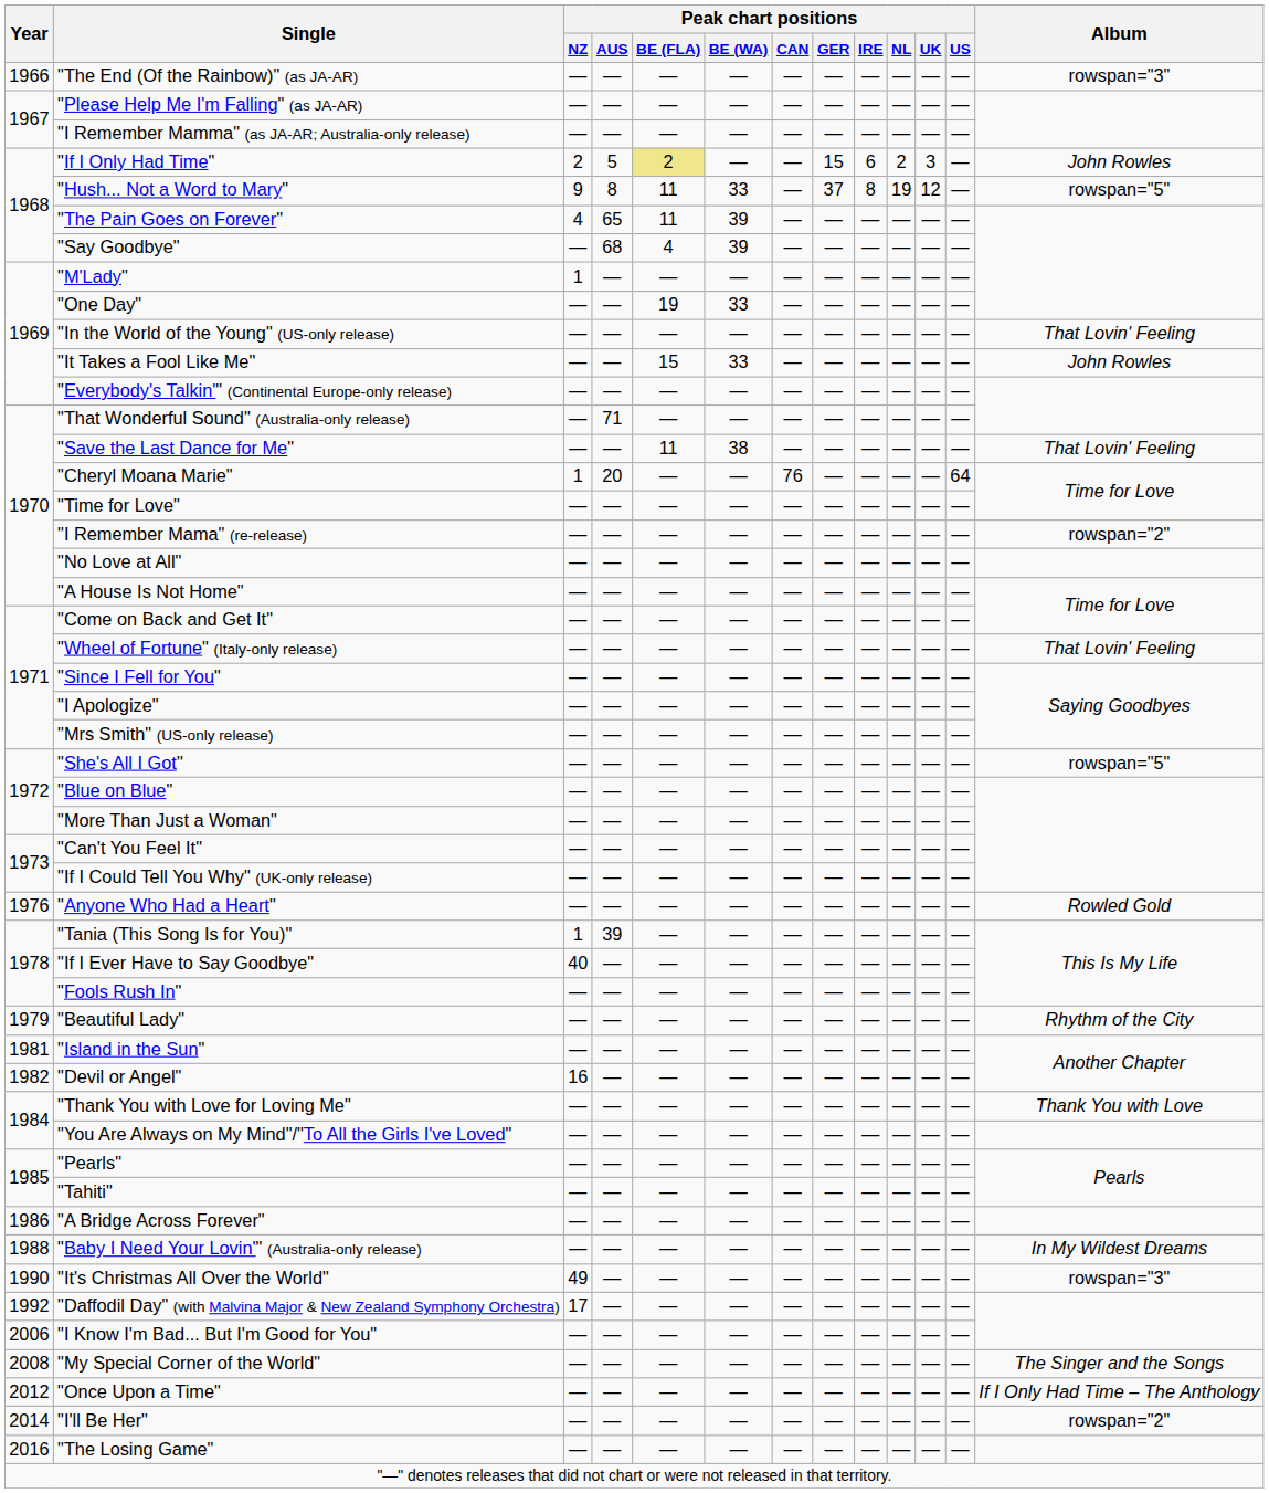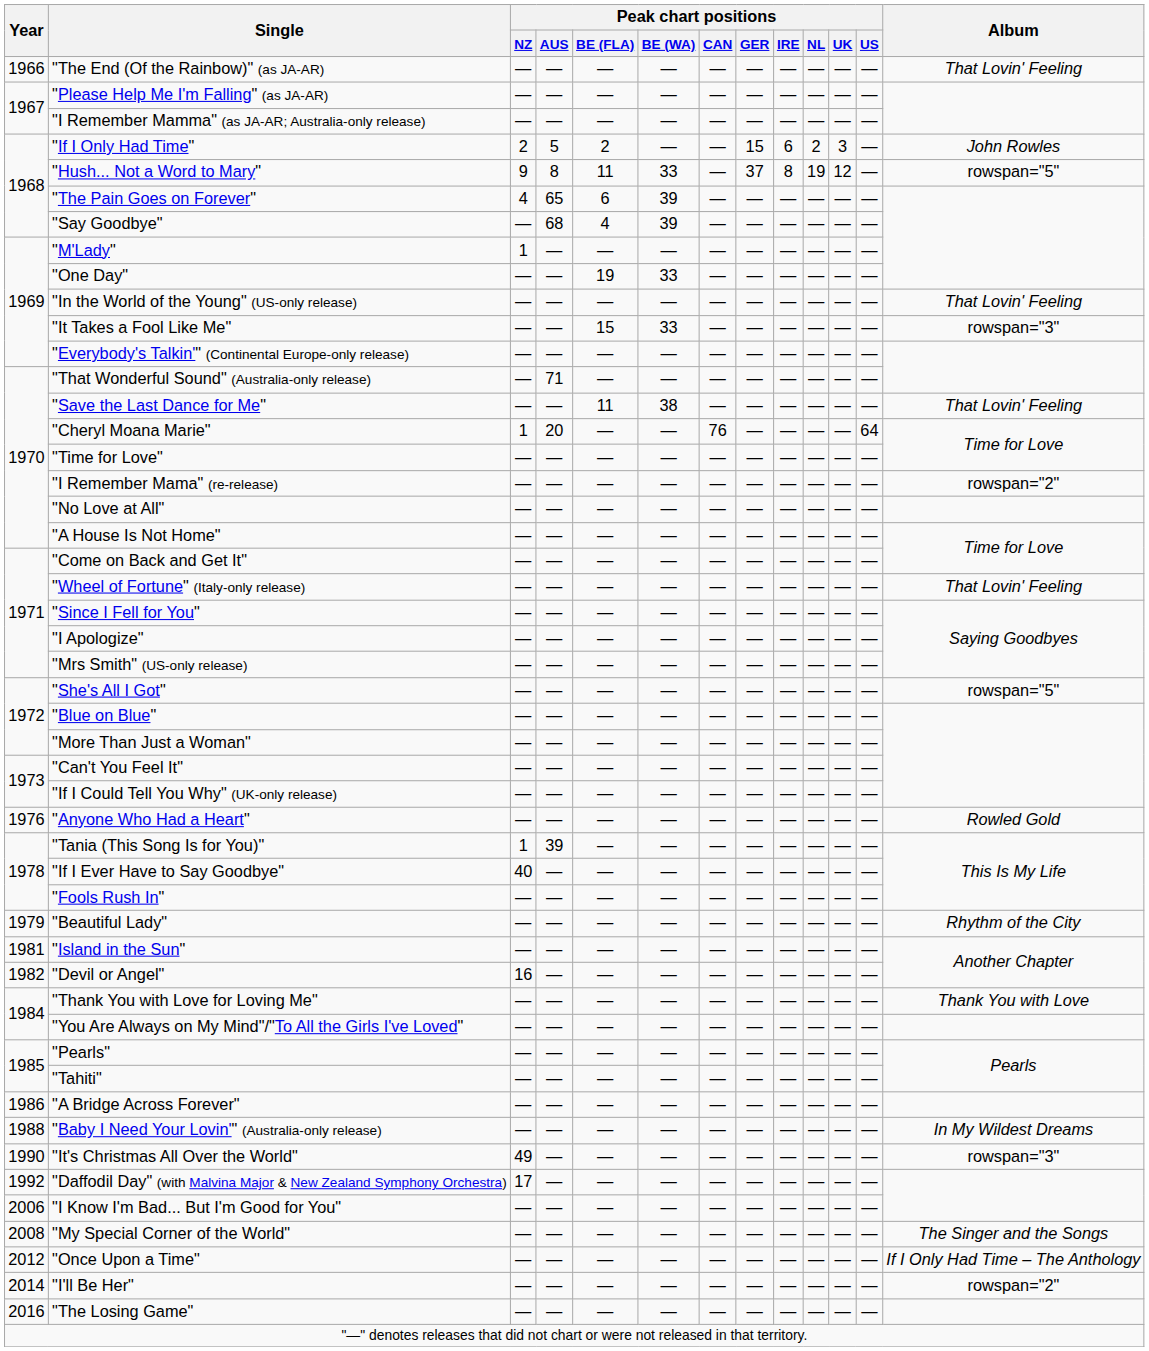 <table class="wikitable" style="text-align:center">
 <tr>
 <th rowspan="2">Year</th>
 <th rowspan="2">Single</th>
 <th colspan="10">Peak chart positions</th>
 <th rowspan="2">Album</th>
 </tr>
 <tr>
 <th><small><a href='#'>NZ</a></small><br></th>
 <th><small><a href='#'>AUS</a></small><br></th>
 <th><small><a href='#'>BE (FLA)</a></small><br></th>
 <th><small><a href='#'>BE (WA)</a></small><br></th>
 <th><small><a href='#'>CAN</a></small><br></th>
 <th><small><a href='#'>GER</a></small><br></th>
 <th><small><a href='#'>IRE</a></small><br></th>
 <th><small><a href='#'>NL</a></small><br></th>
 <th><small><a href='#'>UK</a></small><br></th>
 <th><small><a href='#'>US</a></small><br></th>
 </tr>
 <tr>
 <td>1966</td>
 <td align="left">"The End (Of the Rainbow)" <small>(as JA-AR)</small></td>
 <td>—</td>
 <td>—</td>
 <td>—</td>
 <td>—</td>
 <td>—</td>
 <td>—</td>
 <td>—</td>
 <td>—</td>
 <td>—</td>
 <td>—</td>
-<td>rowspan="3" </td>
+<td><em>That Lovin' Feeling</em></td>
 </tr>
 <tr>
 <td rowspan="2">1967</td>
 <td align="left">"<a href='#'>Please Help Me I'm Falling</a>" <small>(as JA-AR)</small></td>
 <td>—</td>
 <td>—</td>
 <td>—</td>
 <td>—</td>
 <td>—</td>
 <td>—</td>
 <td>—</td>
 <td>—</td>
 <td>—</td>
 <td>—</td>
 </tr>
 <tr>
 <td align="left">"I Remember Mamma" <small>(as JA-AR; Australia-only release)</small></td>
 <td>—</td>
 <td>—</td>
 <td>—</td>
 <td>—</td>
 <td>—</td>
 <td>—</td>
 <td>—</td>
 <td>—</td>
 <td>—</td>
 <td>—</td>
 </tr>
 <tr>
 <td rowspan="4">1968</td>
 <td align="left">"<a href='#'>If I Only Had Time</a>"</td>
 <td>2</td>
 <td>5</td>
-<td style="background: khaki;">2</td>
+<td>2</td>
 <td>—</td>
 <td>—</td>
 <td>15</td>
 <td>6</td>
 <td>2</td>
 <td>3</td>
 <td>—</td>
 <td><em>John Rowles</em></td>
 </tr>
 <tr>
 <td align="left">"<a href='#'>Hush... Not a Word to Mary</a>"</td>
 <td>9</td>
 <td>8</td>
 <td>11</td>
 <td>33</td>
 <td>—</td>
 <td>37</td>
 <td>8</td>
 <td>19</td>
 <td>12</td>
 <td>—</td>
 <td>rowspan="5" </td>
 </tr>
 <tr>
 <td align="left">"<a href='#'>The Pain Goes on Forever</a>"</td>
 <td>4</td>
 <td>65</td>
-<td>11</td>
+<td>6</td>
 <td>39</td>
 <td>—</td>
 <td>—</td>
 <td>—</td>
 <td>—</td>
 <td>—</td>
 <td>—</td>
 </tr>
 <tr>
 <td align="left">"Say Goodbye"</td>
 <td>—</td>
 <td>68</td>
 <td>4</td>
 <td>39</td>
 <td>—</td>
 <td>—</td>
 <td>—</td>
 <td>—</td>
 <td>—</td>
 <td>—</td>
 </tr>
 <tr>
 <td rowspan="5">1969</td>
 <td align="left">"<a href='#'>M'Lady</a>" </td>
 <td>1</td>
 <td>—</td>
 <td>—</td>
 <td>—</td>
 <td>—</td>
 <td>—</td>
 <td>—</td>
 <td>—</td>
 <td>—</td>
 <td>—</td>
 </tr>
 <tr>
 <td align="left">"One Day"</td>
 <td>—</td>
 <td>—</td>
 <td>19</td>
 <td>33</td>
 <td>—</td>
 <td>—</td>
 <td>—</td>
 <td>—</td>
 <td>—</td>
 <td>—</td>
 </tr>
 <tr>
 <td align="left">"In the World of the Young" <small>(US-only release)</small></td>
 <td>—</td>
 <td>—</td>
 <td>—</td>
 <td>—</td>
 <td>—</td>
 <td>—</td>
 <td>—</td>
 <td>—</td>
 <td>—</td>
 <td>—</td>
 <td><em>That Lovin' Feeling</em></td>
 </tr>
 <tr>
 <td align="left">"It Takes a Fool Like Me"</td>
 <td>—</td>
 <td>—</td>
 <td>15</td>
 <td>33</td>
 <td>—</td>
 <td>—</td>
 <td>—</td>
 <td>—</td>
 <td>—</td>
 <td>—</td>
-<td><em>John Rowles</em></td>
+<td>rowspan="3" </td>
 </tr>
 <tr>
 <td align="left">"<a href='#'>Everybody's Talkin'</a>" <small>(Continental Europe-only release)</small></td>
 <td>—</td>
 <td>—</td>
 <td>—</td>
 <td>—</td>
 <td>—</td>
 <td>—</td>
 <td>—</td>
 <td>—</td>
 <td>—</td>
 <td>—</td>
 </tr>
 <tr>
 <td rowspan="7">1970</td>
 <td align="left">"That Wonderful Sound" <small>(Australia-only release)</small></td>
 <td>—</td>
 <td>71</td>
 <td>—</td>
 <td>—</td>
 <td>—</td>
 <td>—</td>
 <td>—</td>
 <td>—</td>
 <td>—</td>
 <td>—</td>
 </tr>
 <tr>
 <td align="left">"<a href='#'>Save the Last Dance for Me</a>"</td>
 <td>—</td>
 <td>—</td>
 <td>11</td>
 <td>38</td>
 <td>—</td>
 <td>—</td>
 <td>—</td>
 <td>—</td>
 <td>—</td>
 <td>—</td>
 <td><em>That Lovin' Feeling</em></td>
 </tr>
 <tr>
 <td align="left">"Cheryl Moana Marie"</td>
 <td>1</td>
 <td>20</td>
 <td>—</td>
 <td>—</td>
 <td>76</td>
 <td>—</td>
 <td>—</td>
 <td>—</td>
 <td>—</td>
 <td>64</td>
 <td rowspan="2"><em>Time for Love</em></td>
 </tr>
 <tr>
 <td align="left">"Time for Love"</td>
 <td>—</td>
 <td>—</td>
 <td>—</td>
 <td>—</td>
 <td>—</td>
 <td>—</td>
 <td>—</td>
 <td>—</td>
 <td>—</td>
 <td>—</td>
 </tr>
 <tr>
 <td align="left">"I Remember Mama" <small>(re-release)</small></td>
 <td>—</td>
 <td>—</td>
 <td>—</td>
 <td>—</td>
 <td>—</td>
 <td>—</td>
 <td>—</td>
 <td>—</td>
 <td>—</td>
 <td>—</td>
 <td>rowspan="2" </td>
 </tr>
 <tr>
 <td align="left">"No Love at All"</td>
 <td>—</td>
 <td>—</td>
 <td>—</td>
 <td>—</td>
 <td>—</td>
 <td>—</td>
 <td>—</td>
 <td>—</td>
 <td>—</td>
 <td>—</td>
 </tr>
 <tr>
 <td align="left">"A House Is Not Home"</td>
 <td>—</td>
 <td>—</td>
 <td>—</td>
 <td>—</td>
 <td>—</td>
 <td>—</td>
 <td>—</td>
 <td>—</td>
 <td>—</td>
 <td>—</td>
 <td rowspan="2"><em>Time for Love</em></td>
 </tr>
 <tr>
 <td rowspan="5">1971</td>
 <td align="left">"Come on Back and Get It"</td>
 <td>—</td>
 <td>—</td>
 <td>—</td>
 <td>—</td>
 <td>—</td>
 <td>—</td>
 <td>—</td>
 <td>—</td>
 <td>—</td>
 <td>—</td>
 </tr>
 <tr>
 <td align="left">"<a href='#'>Wheel of Fortune</a>" <small>(Italy-only release)</small></td>
 <td>—</td>
 <td>—</td>
 <td>—</td>
 <td>—</td>
 <td>—</td>
 <td>—</td>
 <td>—</td>
 <td>—</td>
 <td>—</td>
 <td>—</td>
 <td><em>That Lovin' Feeling</em></td>
 </tr>
 <tr>
 <td align="left">"<a href='#'>Since I Fell for You</a>"</td>
 <td>—</td>
 <td>—</td>
 <td>—</td>
 <td>—</td>
 <td>—</td>
 <td>—</td>
 <td>—</td>
 <td>—</td>
 <td>—</td>
 <td>—</td>
 <td rowspan="3"><em>Saying Goodbyes</em></td>
 </tr>
 <tr>
 <td align="left">"I Apologize"</td>
 <td>—</td>
 <td>—</td>
 <td>—</td>
 <td>—</td>
 <td>—</td>
 <td>—</td>
 <td>—</td>
 <td>—</td>
 <td>—</td>
 <td>—</td>
 </tr>
 <tr>
 <td align="left">"Mrs Smith" <small>(US-only release)</small></td>
 <td>—</td>
 <td>—</td>
 <td>—</td>
 <td>—</td>
 <td>—</td>
 <td>—</td>
 <td>—</td>
 <td>—</td>
 <td>—</td>
 <td>—</td>
 </tr>
 <tr>
 <td rowspan="3">1972</td>
 <td align="left">"<a href='#'>She's All I Got</a>"</td>
 <td>—</td>
 <td>—</td>
 <td>—</td>
 <td>—</td>
 <td>—</td>
 <td>—</td>
 <td>—</td>
 <td>—</td>
 <td>—</td>
 <td>—</td>
 <td>rowspan="5" </td>
 </tr>
 <tr>
 <td align="left">"<a href='#'>Blue on Blue</a>"</td>
 <td>—</td>
 <td>—</td>
 <td>—</td>
 <td>—</td>
 <td>—</td>
 <td>—</td>
 <td>—</td>
 <td>—</td>
 <td>—</td>
 <td>—</td>
 </tr>
 <tr>
 <td align="left">"More Than Just a Woman"</td>
 <td>—</td>
 <td>—</td>
 <td>—</td>
 <td>—</td>
 <td>—</td>
 <td>—</td>
 <td>—</td>
 <td>—</td>
 <td>—</td>
 <td>—</td>
 </tr>
 <tr>
 <td rowspan="2">1973</td>
 <td align="left">"Can't You Feel It"</td>
 <td>—</td>
 <td>—</td>
 <td>—</td>
 <td>—</td>
 <td>—</td>
 <td>—</td>
 <td>—</td>
 <td>—</td>
 <td>—</td>
 <td>—</td>
 </tr>
 <tr>
 <td align="left">"If I Could Tell You Why" <small>(UK-only release)</small></td>
 <td>—</td>
 <td>—</td>
 <td>—</td>
 <td>—</td>
 <td>—</td>
 <td>—</td>
 <td>—</td>
 <td>—</td>
 <td>—</td>
 <td>—</td>
 </tr>
 <tr>
 <td>1976</td>
 <td align="left">"<a href='#'>Anyone Who Had a Heart</a>"</td>
 <td>—</td>
 <td>—</td>
 <td>—</td>
 <td>—</td>
 <td>—</td>
 <td>—</td>
 <td>—</td>
 <td>—</td>
 <td>—</td>
 <td>—</td>
 <td><em>Rowled Gold</em></td>
 </tr>
 <tr>
 <td rowspan="3">1978</td>
 <td align="left">"Tania (This Song Is for You)"</td>
 <td>1</td>
 <td>39</td>
 <td>—</td>
 <td>—</td>
 <td>—</td>
 <td>—</td>
 <td>—</td>
 <td>—</td>
 <td>—</td>
 <td>—</td>
 <td rowspan="3"><em>This Is My Life</em></td>
 </tr>
 <tr>
 <td align="left">"If I Ever Have to Say Goodbye"</td>
 <td>40</td>
 <td>—</td>
 <td>—</td>
 <td>—</td>
 <td>—</td>
 <td>—</td>
 <td>—</td>
 <td>—</td>
 <td>—</td>
 <td>—</td>
 </tr>
 <tr>
 <td align="left">"<a href='#'>Fools Rush In</a>"</td>
 <td>—</td>
 <td>—</td>
 <td>—</td>
 <td>—</td>
 <td>—</td>
 <td>—</td>
 <td>—</td>
 <td>—</td>
 <td>—</td>
 <td>—</td>
 </tr>
 <tr>
 <td>1979</td>
 <td align="left">"Beautiful Lady"</td>
 <td>—</td>
 <td>—</td>
 <td>—</td>
 <td>—</td>
 <td>—</td>
 <td>—</td>
 <td>—</td>
 <td>—</td>
 <td>—</td>
 <td>—</td>
 <td><em>Rhythm of the City</em></td>
 </tr>
 <tr>
 <td>1981</td>
 <td align="left">"<a href='#'>Island in the Sun</a>"</td>
 <td>—</td>
 <td>—</td>
 <td>—</td>
 <td>—</td>
 <td>—</td>
 <td>—</td>
 <td>—</td>
 <td>—</td>
 <td>—</td>
 <td>—</td>
 <td rowspan="2"><em>Another Chapter</em></td>
 </tr>
 <tr>
 <td>1982</td>
 <td align="left">"Devil or Angel"</td>
 <td>16</td>
 <td>—</td>
 <td>—</td>
 <td>—</td>
 <td>—</td>
 <td>—</td>
 <td>—</td>
 <td>—</td>
 <td>—</td>
 <td>—</td>
 </tr>
 <tr>
 <td rowspan="2">1984</td>
 <td align="left">"Thank You with Love for Loving Me"</td>
 <td>—</td>
 <td>—</td>
 <td>—</td>
 <td>—</td>
 <td>—</td>
 <td>—</td>
 <td>—</td>
 <td>—</td>
 <td>—</td>
 <td>—</td>
 <td><em>Thank You with Love</em></td>
 </tr>
 <tr>
 <td align="left">"You Are Always on My Mind"/"<a href='#'>To All the Girls I've Loved</a>"</td>
 <td>—</td>
 <td>—</td>
 <td>—</td>
 <td>—</td>
 <td>—</td>
 <td>—</td>
 <td>—</td>
 <td>—</td>
 <td>—</td>
 <td>—</td>
 <td></td>
 </tr>
 <tr>
 <td rowspan="2">1985</td>
 <td align="left">"Pearls"</td>
 <td>—</td>
 <td>—</td>
 <td>—</td>
 <td>—</td>
 <td>—</td>
 <td>—</td>
 <td>—</td>
 <td>—</td>
 <td>—</td>
 <td>—</td>
 <td rowspan="2"><em>Pearls</em></td>
 </tr>
 <tr>
 <td align="left">"Tahiti"</td>
 <td>—</td>
 <td>—</td>
 <td>—</td>
 <td>—</td>
 <td>—</td>
 <td>—</td>
 <td>—</td>
 <td>—</td>
 <td>—</td>
 <td>—</td>
 </tr>
 <tr>
 <td>1986</td>
 <td align="left">"A Bridge Across Forever"</td>
 <td>—</td>
 <td>—</td>
 <td>—</td>
 <td>—</td>
 <td>—</td>
 <td>—</td>
 <td>—</td>
 <td>—</td>
 <td>—</td>
 <td>—</td>
 <td></td>
 </tr>
 <tr>
 <td>1988</td>
 <td align="left">"<a href='#'>Baby I Need Your Lovin'</a>" <small>(Australia-only release)</small></td>
 <td>—</td>
 <td>—</td>
 <td>—</td>
 <td>—</td>
 <td>—</td>
 <td>—</td>
 <td>—</td>
 <td>—</td>
 <td>—</td>
 <td>—</td>
 <td><em>In My Wildest Dreams</em></td>
 </tr>
 <tr>
 <td>1990</td>
 <td align="left">"It's Christmas All Over the World"</td>
 <td>49</td>
 <td>—</td>
 <td>—</td>
 <td>—</td>
 <td>—</td>
 <td>—</td>
 <td>—</td>
 <td>—</td>
 <td>—</td>
 <td>—</td>
 <td>rowspan="3" </td>
 </tr>
 <tr>
 <td>1992</td>
 <td align="left">"Daffodil Day" <small>(with <a href='#'>Malvina Major</a> & <a href='#'>New Zealand Symphony Orchestra</a>)</small></td>
 <td>17</td>
 <td>—</td>
 <td>—</td>
 <td>—</td>
 <td>—</td>
 <td>—</td>
 <td>—</td>
 <td>—</td>
 <td>—</td>
 <td>—</td>
 </tr>
 <tr>
 <td>2006</td>
 <td align="left">"I Know I'm Bad... But I'm Good for You"</td>
 <td>—</td>
 <td>—</td>
 <td>—</td>
 <td>—</td>
 <td>—</td>
 <td>—</td>
 <td>—</td>
 <td>—</td>
 <td>—</td>
 <td>—</td>
 </tr>
 <tr>
 <td>2008</td>
 <td align="left">"My Special Corner of the World"</td>
 <td>—</td>
 <td>—</td>
 <td>—</td>
 <td>—</td>
 <td>—</td>
 <td>—</td>
 <td>—</td>
 <td>—</td>
 <td>—</td>
 <td>—</td>
 <td><em>The Singer and the Songs</em></td>
 </tr>
 <tr>
 <td>2012</td>
 <td align="left">"Once Upon a Time"</td>
 <td>—</td>
 <td>—</td>
 <td>—</td>
 <td>—</td>
 <td>—</td>
 <td>—</td>
 <td>—</td>
 <td>—</td>
 <td>—</td>
 <td>—</td>
 <td><em>If I Only Had Time – The Anthology</em></td>
 </tr>
 <tr>
 <td>2014</td>
 <td align="left">"I'll Be Her"</td>
 <td>—</td>
 <td>—</td>
 <td>—</td>
 <td>—</td>
 <td>—</td>
 <td>—</td>
 <td>—</td>
 <td>—</td>
 <td>—</td>
 <td>—</td>
 <td>rowspan="2" </td>
 </tr>
 <tr>
 <td>2016</td>
 <td align="left">"The Losing Game"</td>
 <td>—</td>
 <td>—</td>
 <td>—</td>
 <td>—</td>
 <td>—</td>
 <td>—</td>
 <td>—</td>
 <td>—</td>
 <td>—</td>
 <td>—</td>
 </tr>
 <tr>
 <td colspan="13" style="font-size:85%">"—" denotes releases that did not chart or were not released in that territory.</td>
 </tr>
 </table>
